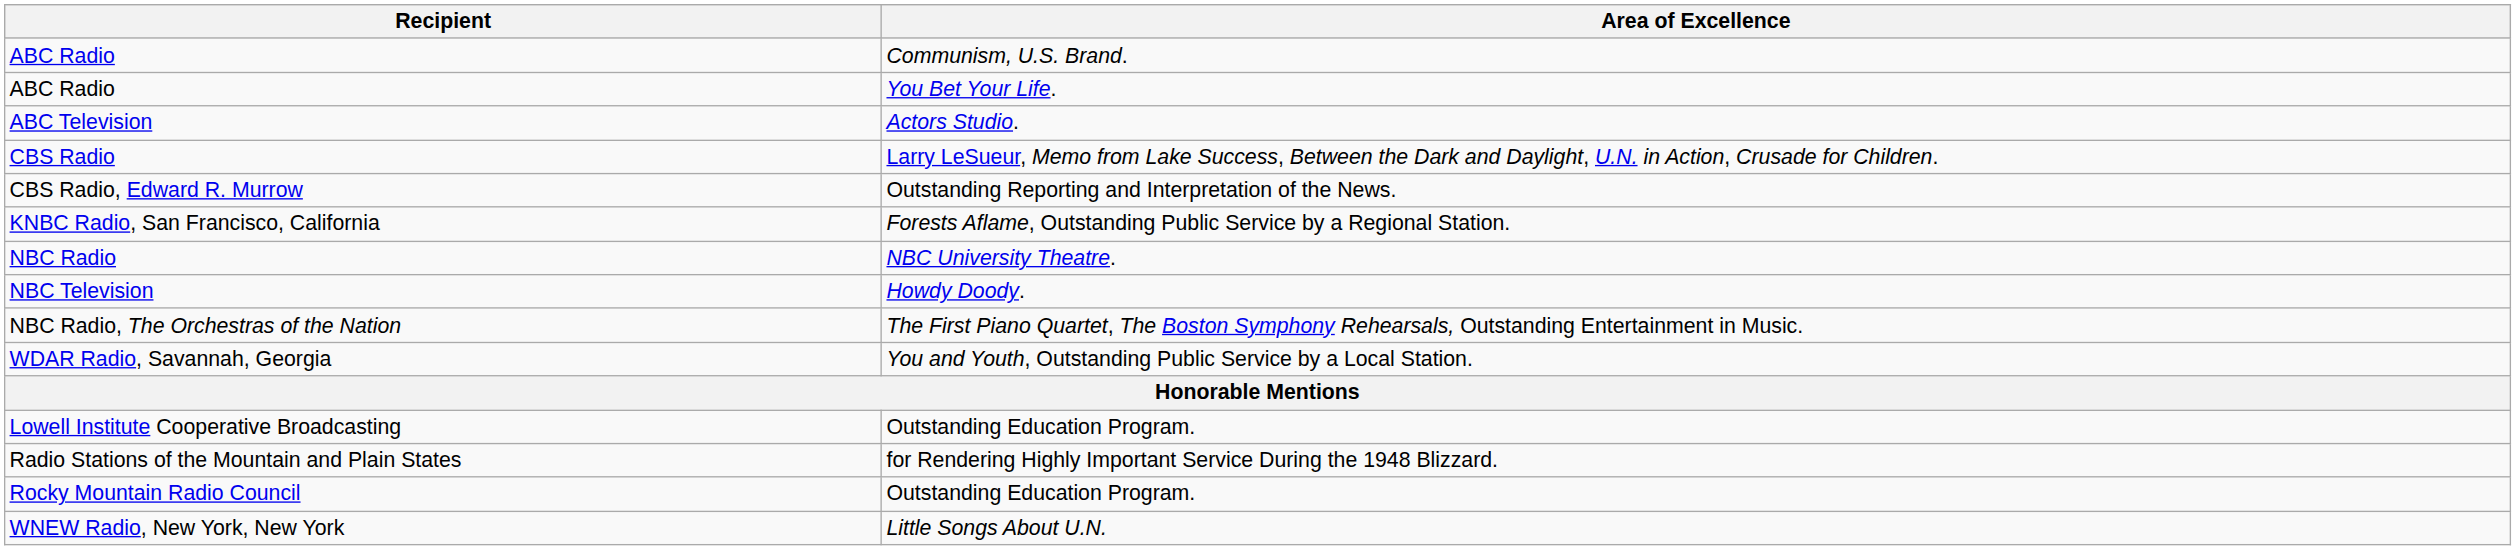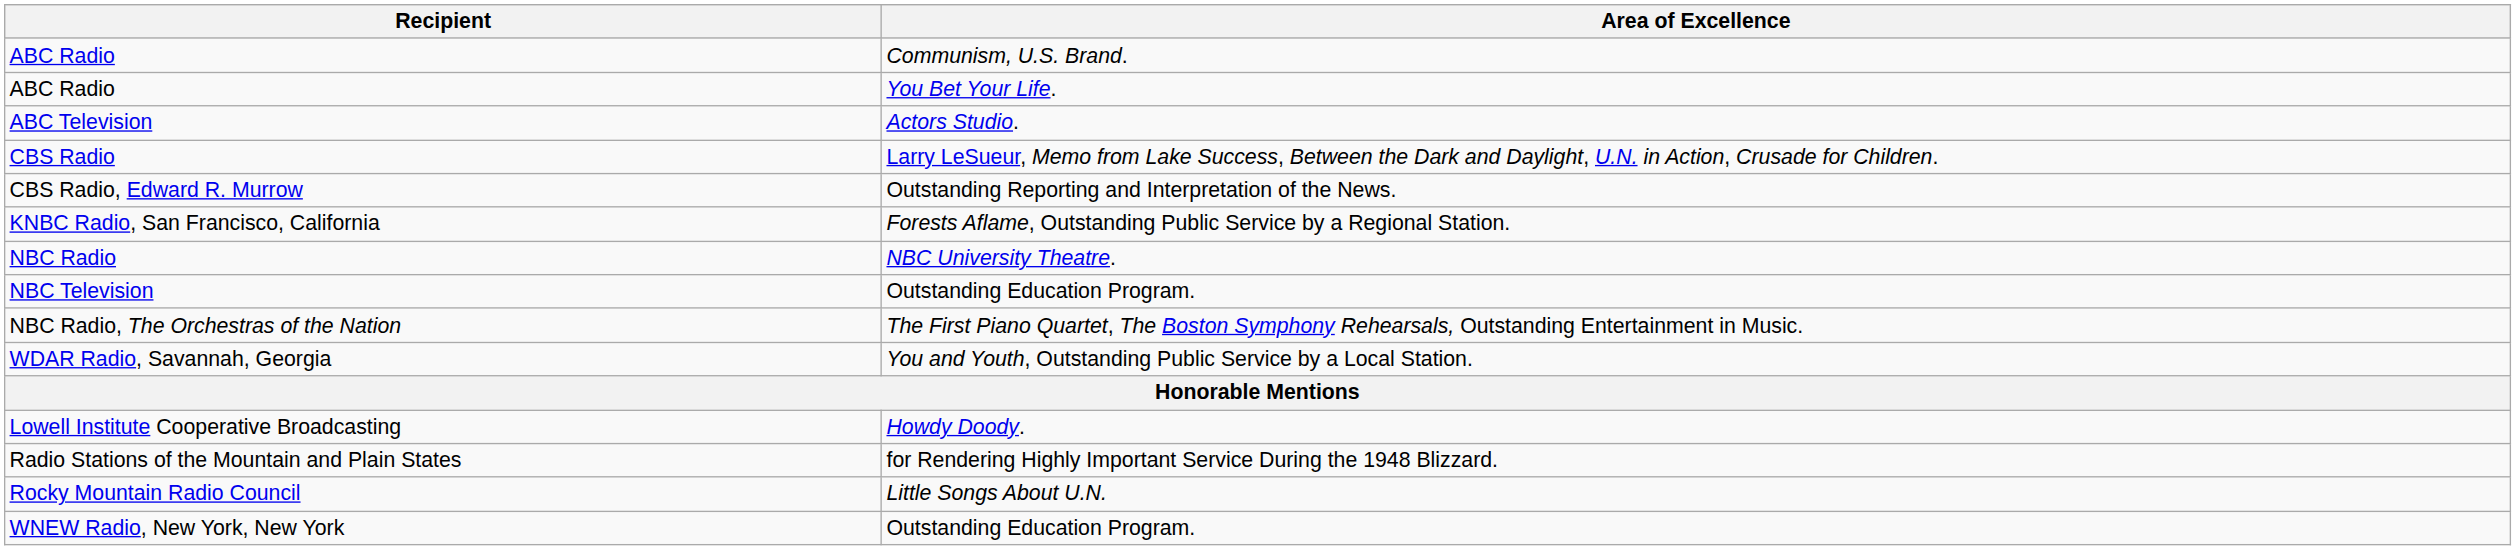 <table class="wikitable" style="width:95%">
 <tr bgcolor="#CCCCCC">
 <th width=35%>Recipient</th>
 <th width=65%>Area of Excellence</th>
 </tr>
 <tr>
 <td rowspan="1"><a href='#'>ABC Radio</a></td>
 <td><em>Communism, U.S. Brand</em>.</td>
 </tr>
 <tr>
 <td rowspan="1">ABC Radio</td>
 <td><em><a href='#'>You Bet Your Life</a></em>.</td>
 </tr>
 <tr>
 <td rowspan="1"><a href='#'>ABC Television</a></td>
 <td><em><a href='#'>Actors Studio</a></em>.</td>
 </tr>
 <tr>
 <td rowspan="1"><a href='#'>CBS Radio</a></td>
 <td><a href='#'>Larry LeSueur</a>, <em>Memo from Lake Success</em>, <em>Between the Dark and Daylight</em>, <em><a href='#'>U.N.</a> in Action</em>, <em>Crusade for Children</em>.</td>
 </tr>
 <tr>
 <td rowspan="1">CBS Radio, <a href='#'>Edward R. Murrow</a></td>
 <td>Outstanding Reporting and Interpretation of the News.</td>
 </tr>
 <tr>
 <td rowspan="1"><a href='#'>KNBC Radio</a>, San Francisco, California</td>
 <td><em>Forests Aflame</em>, Outstanding Public Service by a Regional Station.</td>
 </tr>
 <tr>
 <td rowspan="1"><a href='#'>NBC Radio</a></td>
 <td><em><a href='#'>NBC University Theatre</a></em>.</td>
 </tr>
 <tr>
 <td rowspan="1"><a href='#'>NBC Television</a></td>
-<td><em><a href='#'>Howdy Doody</a></em>.</td>
+<td>Outstanding Education Program.</td>
 </tr>
 <tr>
 <td rowspan="1">NBC Radio, <em>The Orchestras of the Nation</em></td>
 <td><em>The First Piano Quartet</em>, <em>The <a href='#'>Boston Symphony</a> Rehearsals,</em> Outstanding Entertainment in Music.</td>
 </tr>
 <tr>
 <td rowspan="1"><a href='#'>WDAR Radio</a>, Savannah, Georgia</td>
 <td><em>You and Youth</em>, Outstanding Public Service by a Local Station.</td>
 </tr>
 <tr>
 <th colspan="2">Honorable Mentions</th>
 </tr>
 <tr>
 <td rowspan="1"><a href='#'>Lowell Institute</a> Cooperative Broadcasting</td>
-<td>Outstanding Education Program.</td>
+<td><em><a href='#'>Howdy Doody</a></em>.</td>
 </tr>
 <tr>
 <td rowspan="1">Radio Stations of the Mountain and Plain States</td>
 <td>for Rendering Highly Important Service During the 1948 Blizzard.</td>
 </tr>
 <tr>
 <td rowspan="1"><a href='#'>Rocky Mountain Radio Council</a></td>
-<td>Outstanding Education Program.</td>
+<td><em>Little Songs About U.N.</em></td>
 </tr>
 <tr>
 <td rowspan="1"><a href='#'>WNEW Radio</a>, New York, New York</td>
-<td><em>Little Songs About U.N.</em></td>
+<td>Outstanding Education Program.</td>
 </tr>
 </table>
